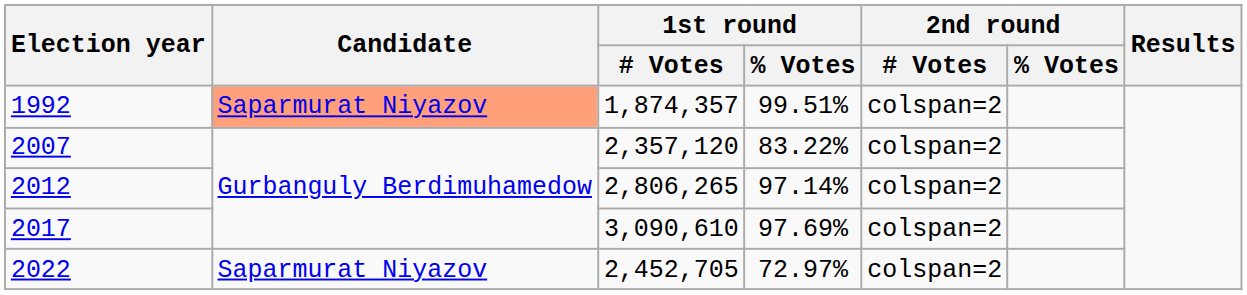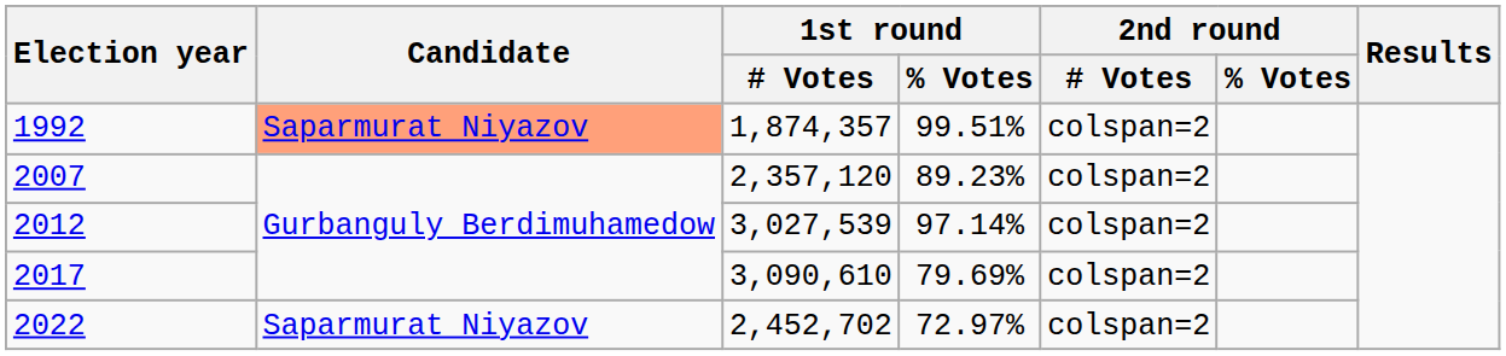 <table class="wikitable">
 <tr>
 <th rowspan=2>Election year</th>
 <th rowspan=2>Candidate</th>
 <th colspan=2>1st round</th>
 <th colspan=2>2nd round</th>
 <th rowspan=2>Results</th>
 </tr>
 <tr>
 <th># Votes</th>
 <th>% Votes</th>
 <th># Votes</th>
 <th>% Votes</th>
 </tr>
 <tr>
 <td><a href='#'>1992</a></td>
 <td style="background: lightsalmon;"><a href='#'>Saparmurat Niyazov</a></td>
 <td align=center>1,874,357</td>
 <td align=center>99.51%</td>
 <td>colspan=2 </td>
 <td></td>
 </tr>
 <tr>
 <td><a href='#'>2007</a></td>
 <td rowspan="3"><a href='#'>Gurbanguly Berdimuhamedow</a></td>
 <td align=center>2,357,120</td>
-<td align=center>83.22%</td>
+<td align=center>89.23%</td>
 <td>colspan=2 </td>
 <td></td>
 </tr>
 <tr>
 <td><a href='#'>2012</a></td>
-<td align=center>2,806,265</td>
+<td align=center>3,027,539</td>
 <td align=center>97.14%</td>
 <td>colspan=2 </td>
 <td></td>
 </tr>
 <tr>
 <td><a href='#'>2017</a></td>
 <td align=center>3,090,610</td>
-<td align=center>97.69%</td>
+<td align=center>79.69%</td>
 <td>colspan=2 </td>
 <td></td>
 </tr>
 <tr>
 <td><a href='#'>2022</a></td>
 <td><a href='#'>Saparmurat Niyazov</a></td>
-<td align=center>2,452,705</td>
+<td align=center>2,452,702</td>
 <td align=center>72.97%</td>
 <td>colspan=2 </td>
 <td></td>
 </tr>
 </table>
